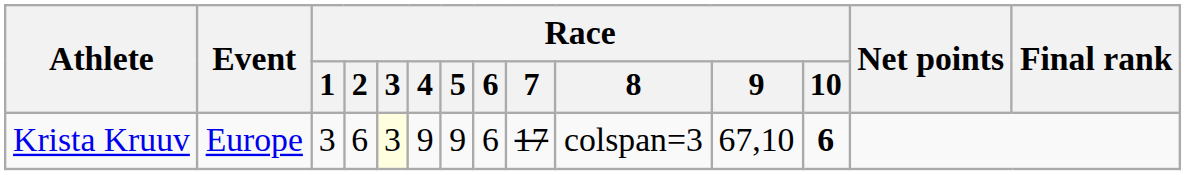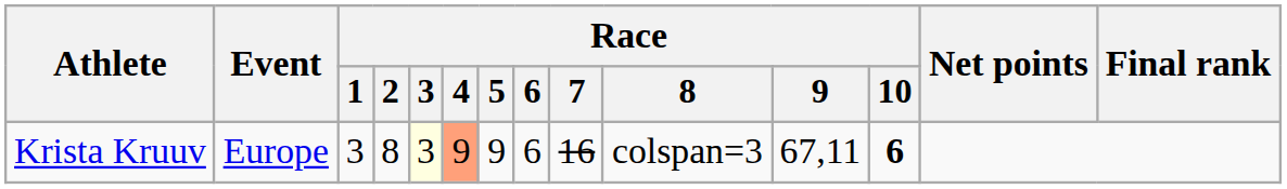 <table class="wikitable" style="font-size:90%">
 <tr>
 <th rowspan="2">Athlete</th>
 <th rowspan="2">Event</th>
 <th colspan=10>Race</th>
 <th rowspan=2>Net points</th>
 <th rowspan=2>Final rank</th>
 </tr>
 <tr style="font-size:95%">
 <th>1</th>
 <th>2</th>
 <th>3</th>
 <th>4</th>
 <th>5</th>
 <th>6</th>
 <th>7</th>
 <th>8</th>
 <th>9</th>
 <th>10</th>
 </tr>
 <tr align=center>
 <td align=left><a href='#'>Krista Kruuv</a></td>
 <td align=left><a href='#'>Europe</a></td>
 <td>3</td>
-<td>6</td>
+<td>8</td>
 <td style="background: lightyellow;">3</td>
-<td>9</td>
+<td style="background: lightsalmon;">9</td>
 <td>9</td>
 <td>6</td>
-<td><s>17</s></td>
+<td><s>16</s></td>
 <td>colspan=3 </td>
-<td>67,10</td>
+<td>67,11</td>
 <td><strong>6</strong></td>
 </tr>
 </table>
